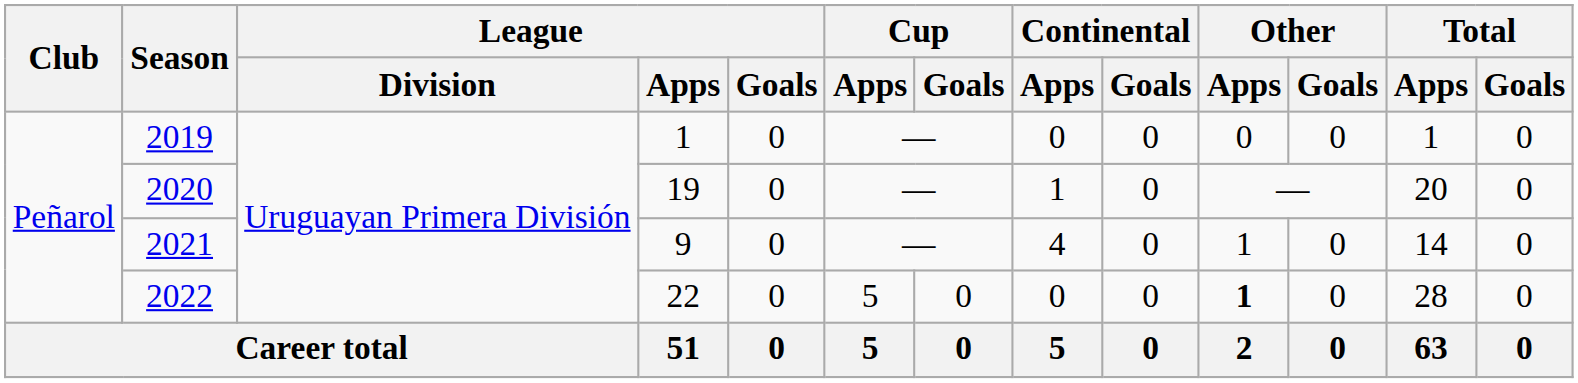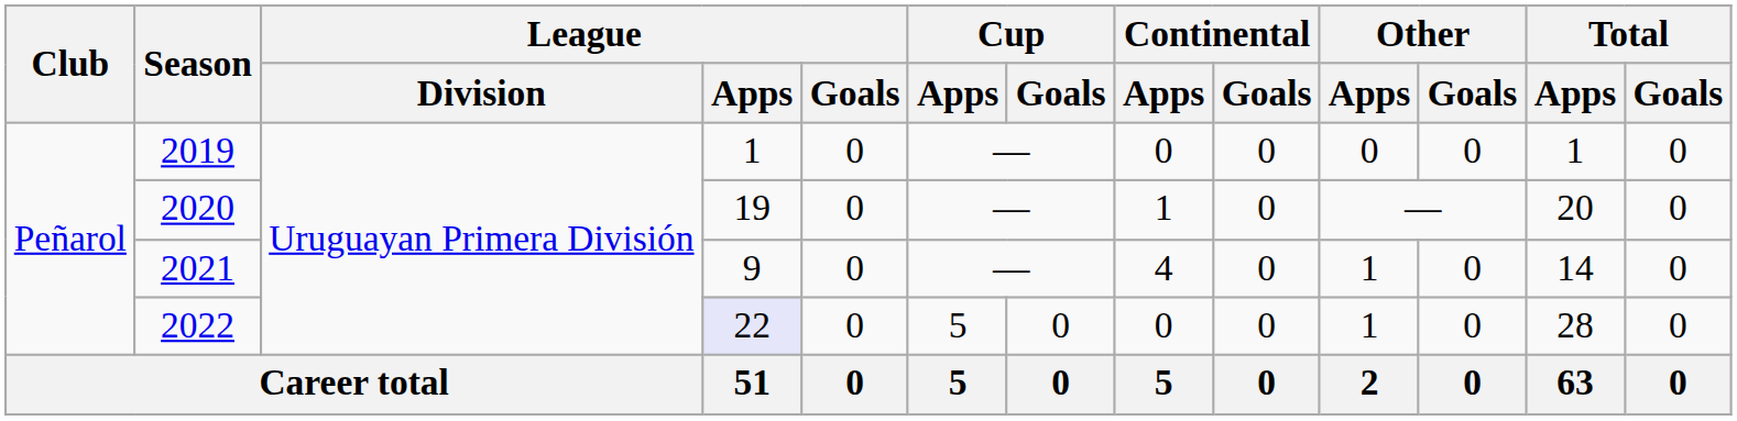 <table class="wikitable" Style="text-align: center">
 <tr>
 <th rowspan="2">Club</th>
 <th rowspan="2">Season</th>
 <th colspan="3">League</th>
 <th colspan="2">Cup</th>
 <th colspan="2">Continental</th>
 <th colspan="2">Other</th>
 <th colspan="2">Total</th>
 </tr>
 <tr>
 <th>Division</th>
 <th>Apps</th>
 <th>Goals</th>
 <th>Apps</th>
 <th>Goals</th>
 <th>Apps</th>
 <th>Goals</th>
 <th>Apps</th>
 <th>Goals</th>
 <th>Apps</th>
 <th>Goals</th>
 </tr>
 <tr>
 <td rowspan="4"><a href='#'>Peñarol</a></td>
 <td><a href='#'>2019</a></td>
 <td rowspan="4"><a href='#'>Uruguayan Primera División</a></td>
 <td>1</td>
 <td>0</td>
 <td colspan="2">—</td>
 <td>0</td>
 <td>0</td>
 <td>0</td>
 <td>0</td>
 <td>1</td>
 <td>0</td>
 </tr>
 <tr>
 <td><a href='#'>2020</a></td>
 <td>19</td>
 <td>0</td>
 <td colspan="2">—</td>
 <td>1</td>
 <td>0</td>
 <td colspan="2">—</td>
 <td>20</td>
 <td>0</td>
 </tr>
 <tr>
 <td><a href='#'>2021</a></td>
 <td>9</td>
 <td>0</td>
 <td colspan="2">—</td>
 <td>4</td>
 <td>0</td>
 <td>1</td>
 <td>0</td>
 <td>14</td>
 <td>0</td>
 </tr>
 <tr>
 <td><a href='#'>2022</a></td>
-<td>22</td>
+<td style="background: lavender;">22</td>
 <td>0</td>
 <td>5</td>
 <td>0</td>
 <td>0</td>
 <td>0</td>
-<td><strong>1</strong></td>
+<td>1</td>
 <td>0</td>
 <td>28</td>
 <td>0</td>
 </tr>
 <tr>
 <th colspan="3">Career total</th>
 <th>51</th>
 <th>0</th>
 <th>5</th>
 <th>0</th>
 <th>5</th>
 <th>0</th>
 <th>2</th>
 <th>0</th>
 <th>63</th>
 <th>0</th>
 </tr>
 </table>
